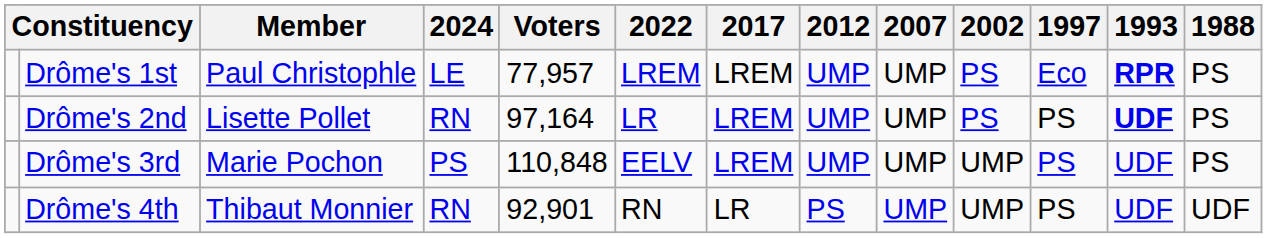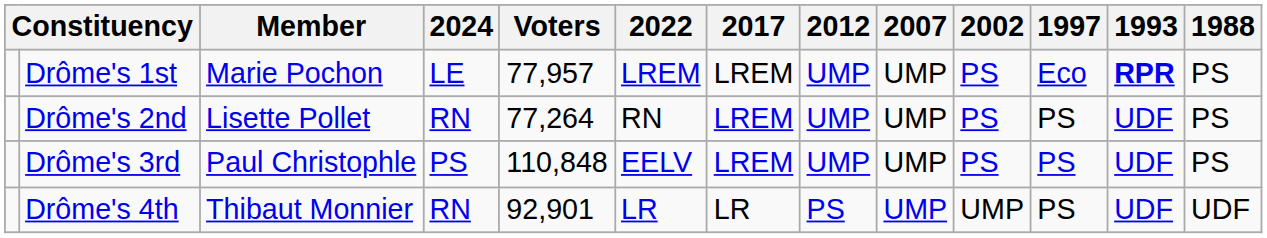 <table class="wikitable sortable">
 <tr>
 <th colspan="2">Constituency</th>
 <th>Member</th>
 <th>2024</th>
 <th>Voters</th>
 <th>2022</th>
 <th>2017</th>
 <th>2012</th>
 <th>2007</th>
 <th>2002</th>
 <th>1997</th>
 <th>1993</th>
 <th>1988</th>
 </tr>
 <tr>
 <td style="background-color: "></td>
 <td><a href='#'>Drôme's 1st</a></td>
-<td><a href='#'>Paul Christophle</a></td>
+<td><a href='#'>Marie Pochon</a></td>
 <td><a href='#'>LE</a></td>
 <td>77,957</td>
 <td><a href='#'>LREM</a></td>
 <td>LREM</td>
 <td bgcolor=><a href='#'>UMP</a></td>
 <td bgcolor=>UMP</td>
 <td bgcolor=><a href='#'>PS</a></td>
 <td bgcolor=><a href='#'>Eco</a></td>
 <td bgcolor=><strong><a href='#'>RPR</a></strong></td>
 <td bgcolor=>PS</td>
 </tr>
 <tr>
 <td style="background-color: "></td>
 <td><a href='#'>Drôme's 2nd</a></td>
 <td><a href='#'>Lisette Pollet</a></td>
 <td bgcolor=><a href='#'>RN</a></td>
-<td>97,164</td>
-<td><a href='#'>LR</a></td>
+<td>77,264</td>
+<td bgcolor=>RN</td>
 <td><a href='#'>LREM</a></td>
 <td bgcolor=><a href='#'>UMP</a></td>
 <td bgcolor=>UMP</td>
 <td bgcolor=><a href='#'>PS</a></td>
 <td bgcolor=>PS</td>
-<td bgcolor=><strong><a href='#'>UDF</a></strong></td>
+<td bgcolor=><a href='#'>UDF</a></td>
 <td bgcolor=>PS</td>
 </tr>
 <tr>
 <td style="background-color: "></td>
 <td><a href='#'>Drôme's 3rd</a></td>
-<td><a href='#'>Marie Pochon</a></td>
+<td><a href='#'>Paul Christophle</a></td>
 <td bgcolor=><a href='#'>PS</a></td>
 <td>110,848</td>
 <td><a href='#'>EELV</a></td>
 <td><a href='#'>LREM</a></td>
 <td bgcolor=><a href='#'>UMP</a></td>
 <td bgcolor=>UMP</td>
-<td bgcolor=>UMP</td>
+<td bgcolor=><a href='#'>PS</a></td>
 <td bgcolor=><a href='#'>PS</a></td>
 <td bgcolor=><a href='#'>UDF</a></td>
 <td bgcolor=>PS</td>
 </tr>
 <tr>
 <td style="background-color: "></td>
 <td><a href='#'>Drôme's 4th</a></td>
 <td><a href='#'>Thibaut Monnier</a></td>
 <td><a href='#'>RN</a></td>
 <td>92,901</td>
-<td bgcolor=>RN</td>
+<td><a href='#'>LR</a></td>
 <td>LR</td>
 <td bgcolor=><a href='#'>PS</a></td>
 <td bgcolor=><a href='#'>UMP</a></td>
 <td bgcolor=>UMP</td>
 <td bgcolor=>PS</td>
 <td bgcolor=><a href='#'>UDF</a></td>
 <td bgcolor=>UDF</td>
 </tr>
 </table>
